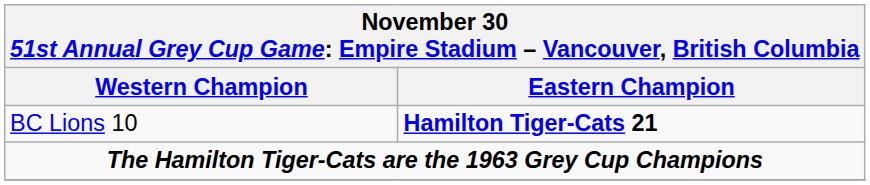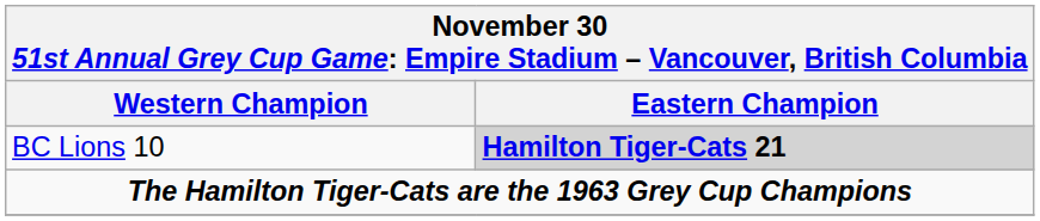 <table class="wikitable" valign="top">
 <tr>
 <th colspan="2">November 30<br><a href='#'><em>51st Annual Grey Cup Game</em></a>: <a href='#'>Empire Stadium</a> – <a href='#'>Vancouver</a>, <a href='#'>British Columbia</a></th>
 </tr>
 <tr>
 <th><a href='#'>Western Champion</a></th>
 <th><a href='#'>Eastern Champion</a></th>
 </tr>
 <tr>
 <td><a href='#'>BC Lions</a> 10</td>
-<td><strong><a href='#'>Hamilton Tiger-Cats</a> 21</strong></td>
+<td style="background: lightgrey;"><strong><a href='#'>Hamilton Tiger-Cats</a> 21</strong></td>
 </tr>
 <tr>
 <td colspan="2" align="center"><strong><em>The Hamilton Tiger-Cats are the 1963 Grey Cup Champions</em></strong></td>
 </tr>
 <tr>
 </tr>
 </table>
